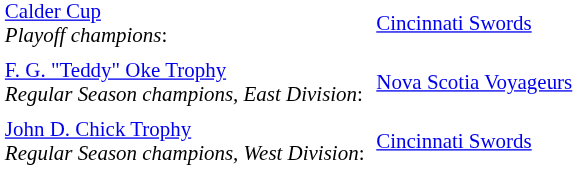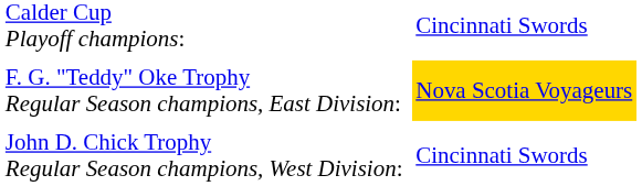 <table cellpadding="3" cellspacing="3">
 <tr>
 <td><a href='#'>Calder Cup</a><br><em>Playoff champions</em>:</td>
 <td><a href='#'>Cincinnati Swords</a></td>
 </tr>
 <tr>
 <td><a href='#'>F. G. "Teddy" Oke Trophy</a><br><em>Regular Season champions, East Division</em>:</td>
-<td><a href='#'>Nova Scotia Voyageurs</a></td>
+<td style="background: gold;"><a href='#'>Nova Scotia Voyageurs</a></td>
 </tr>
 <tr>
 <td><a href='#'>John D. Chick Trophy</a><br><em>Regular Season champions, West Division</em>:</td>
 <td><a href='#'>Cincinnati Swords</a></td>
 </tr>
 </table>
